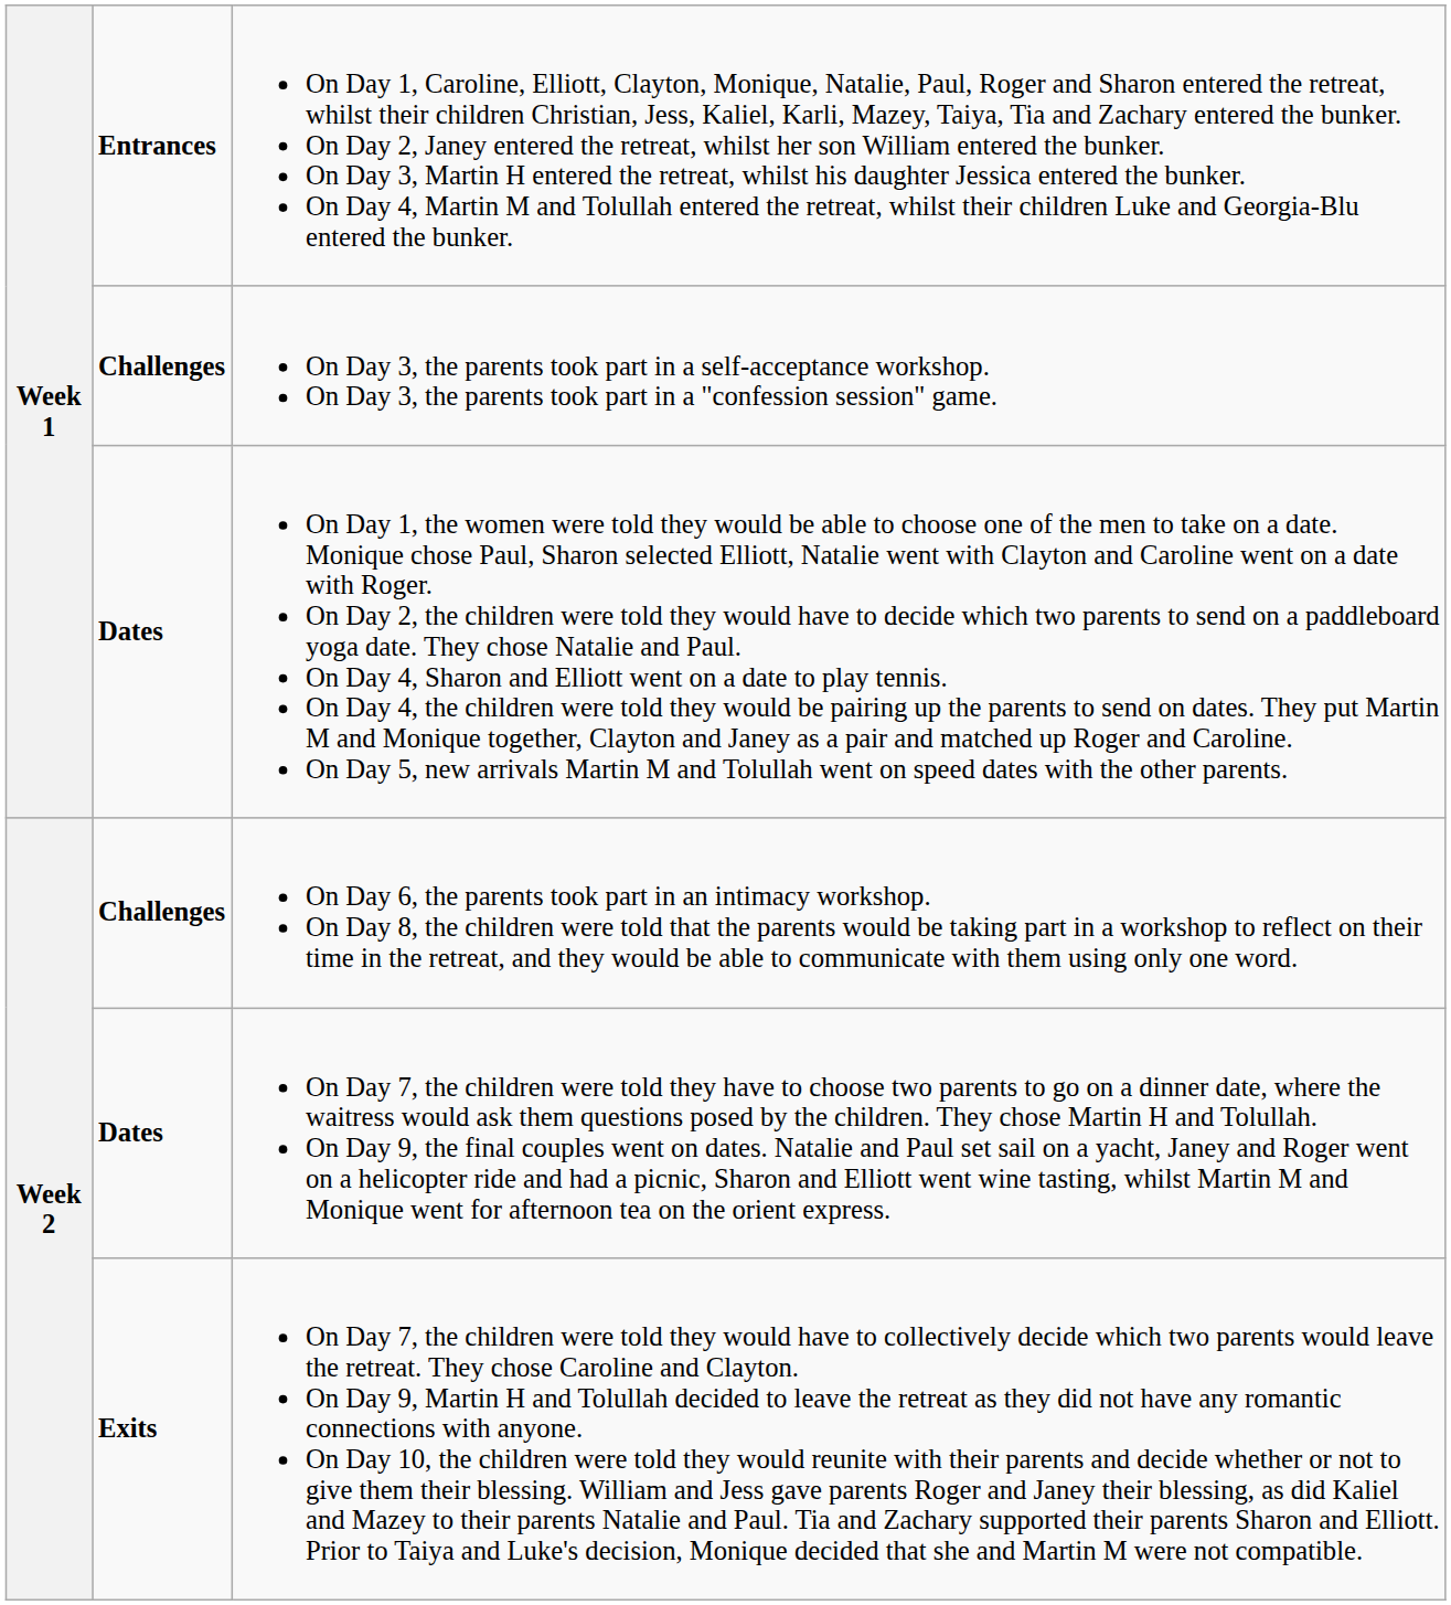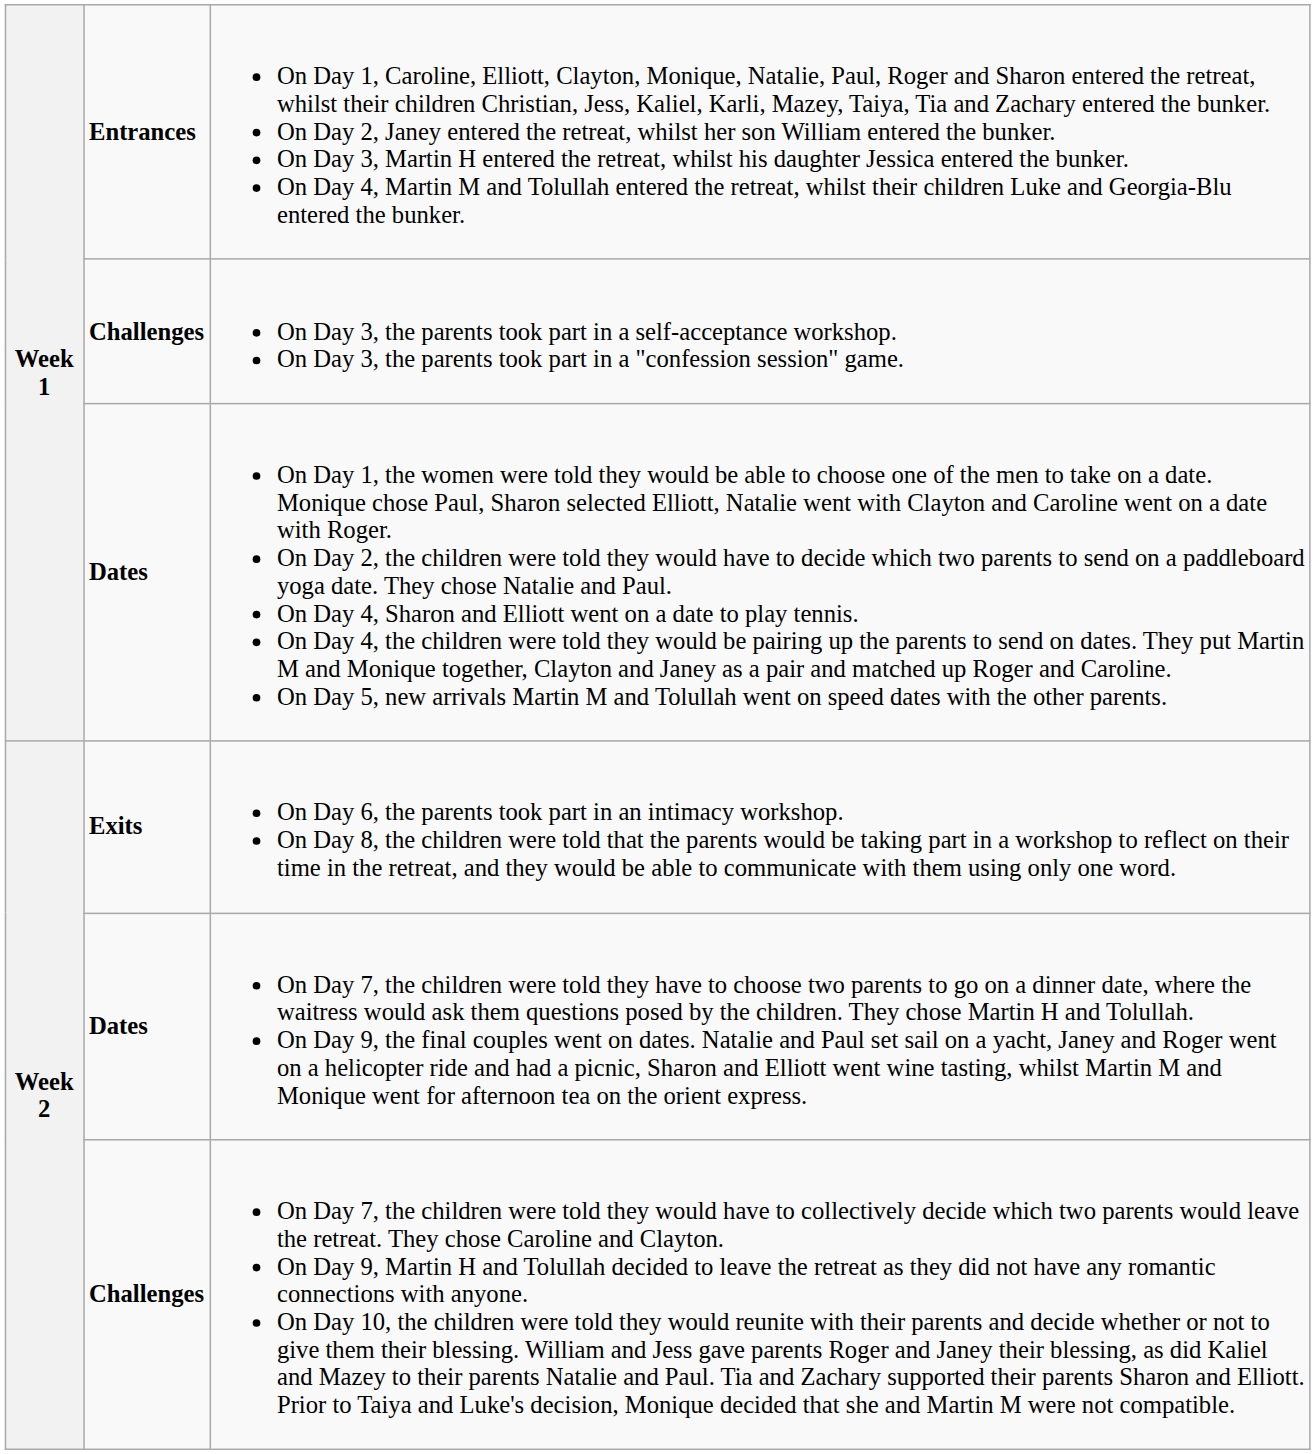 <table class="wikitable mw-collapsible mw-collapsed" style="width: 96%; margin-left: auto; margin-right: auto;">
 <tr>
 <th rowspan=3 style="width: 6%;">Week 1</th>
 <td><strong>Entrances</strong></td>
 <td><br><ul><li>On Day 1, Caroline, Elliott, Clayton, Monique, Natalie, Paul, Roger and Sharon entered the retreat, whilst their children Christian, Jess, Kaliel, Karli, Mazey, Taiya, Tia and Zachary entered the bunker.</li><li>On Day 2, Janey entered the retreat, whilst her son William entered the bunker.</li><li>On Day 3, Martin H entered the retreat, whilst his daughter Jessica entered the bunker.</li><li>On Day 4, Martin M and Tolullah entered the retreat, whilst their children Luke and Georgia-Blu entered the bunker.</li></ul></td>
 </tr>
 <tr>
 <td><strong>Challenges</strong></td>
 <td><br><ul><li>On Day 3, the parents took part in a self-acceptance workshop.</li><li>On Day 3, the parents took part in a "confession session" game.</li></ul></td>
 </tr>
 <tr>
 <td><strong>Dates</strong></td>
 <td><br><ul><li>On Day 1, the women were told they would be able to choose one of the men to take on a date. Monique chose Paul, Sharon selected Elliott, Natalie went with Clayton and Caroline went on a date with Roger.</li><li>On Day 2, the children were told they would have to decide which two parents to send on a paddleboard yoga date. They chose Natalie and Paul.</li><li>On Day 4, Sharon and Elliott went on a date to play tennis.</li><li>On Day 4, the children were told they would be pairing up the parents to send on dates. They put Martin M and Monique together, Clayton and Janey as a pair and matched up Roger and Caroline.</li><li>On Day 5, new arrivals Martin M and Tolullah went on speed dates with the other parents.</li></ul></td>
 </tr>
 <tr>
 <th rowspan=3 style="width: 6%;">Week 2</th>
-<td><strong>Challenges</strong></td>
+<td><strong>Exits</strong></td>
 <td><br><ul><li>On Day 6, the parents took part in an intimacy workshop.</li><li>On Day 8, the children were told that the parents would be taking part in a workshop to reflect on their time in the retreat, and they would be able to communicate with them using only one word.</li></ul></td>
 </tr>
 <tr>
 <td><strong>Dates</strong></td>
 <td><br><ul><li>On Day 7, the children were told they have to choose two parents to go on a dinner date, where the waitress would ask them questions posed by the children. They chose Martin H and Tolullah.</li><li>On Day 9, the final couples went on dates. Natalie and Paul set sail on a yacht, Janey and Roger went on a helicopter ride and had a picnic, Sharon and Elliott went wine tasting, whilst Martin M and Monique went for afternoon tea on the orient express.</li></ul></td>
 </tr>
 <tr>
-<td><strong>Exits</strong></td>
+<td><strong>Challenges</strong></td>
 <td><br><ul><li>On Day 7, the children were told they would have to collectively decide which two parents would leave the retreat. They chose Caroline and Clayton.</li><li>On Day 9, Martin H and Tolullah decided to leave the retreat as they did not have any romantic connections with anyone.</li><li>On Day 10, the children were told they would reunite with their parents and decide whether or not to give them their blessing. William and Jess gave parents Roger and Janey their blessing, as did Kaliel and Mazey to their parents Natalie and Paul. Tia and Zachary supported their parents Sharon and Elliott. Prior to Taiya and Luke's decision, Monique decided that she and Martin M were not compatible.</li></ul></td>
 </tr>
 </table>
